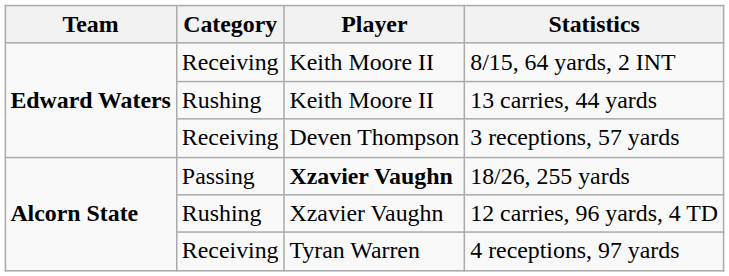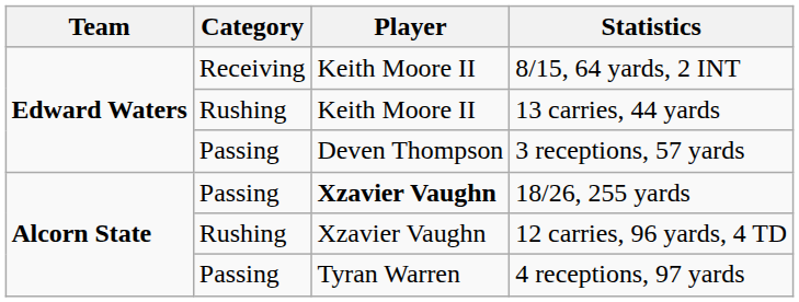 <table class="wikitable" style="float: right;">
 <tr>
 <th>Team</th>
 <th>Category</th>
 <th>Player</th>
 <th>Statistics</th>
 </tr>
 <tr>
 <td rowspan=3><strong>Edward Waters</strong></td>
 <td>Receiving</td>
 <td>Keith Moore II</td>
 <td>8/15, 64 yards, 2 INT</td>
 </tr>
 <tr>
 <td>Rushing</td>
 <td>Keith Moore II</td>
 <td>13 carries, 44 yards</td>
 </tr>
 <tr>
-<td>Receiving</td>
+<td>Passing</td>
 <td>Deven Thompson</td>
 <td>3 receptions, 57 yards</td>
 </tr>
 <tr>
 <td rowspan=3><strong>Alcorn State</strong></td>
 <td>Passing</td>
 <td><strong>Xzavier Vaughn</strong></td>
 <td>18/26, 255 yards</td>
 </tr>
 <tr>
 <td>Rushing</td>
 <td>Xzavier Vaughn</td>
 <td>12 carries, 96 yards, 4 TD</td>
 </tr>
 <tr>
-<td>Receiving</td>
+<td>Passing</td>
 <td>Tyran Warren</td>
 <td>4 receptions, 97 yards</td>
 </tr>
 </table>
